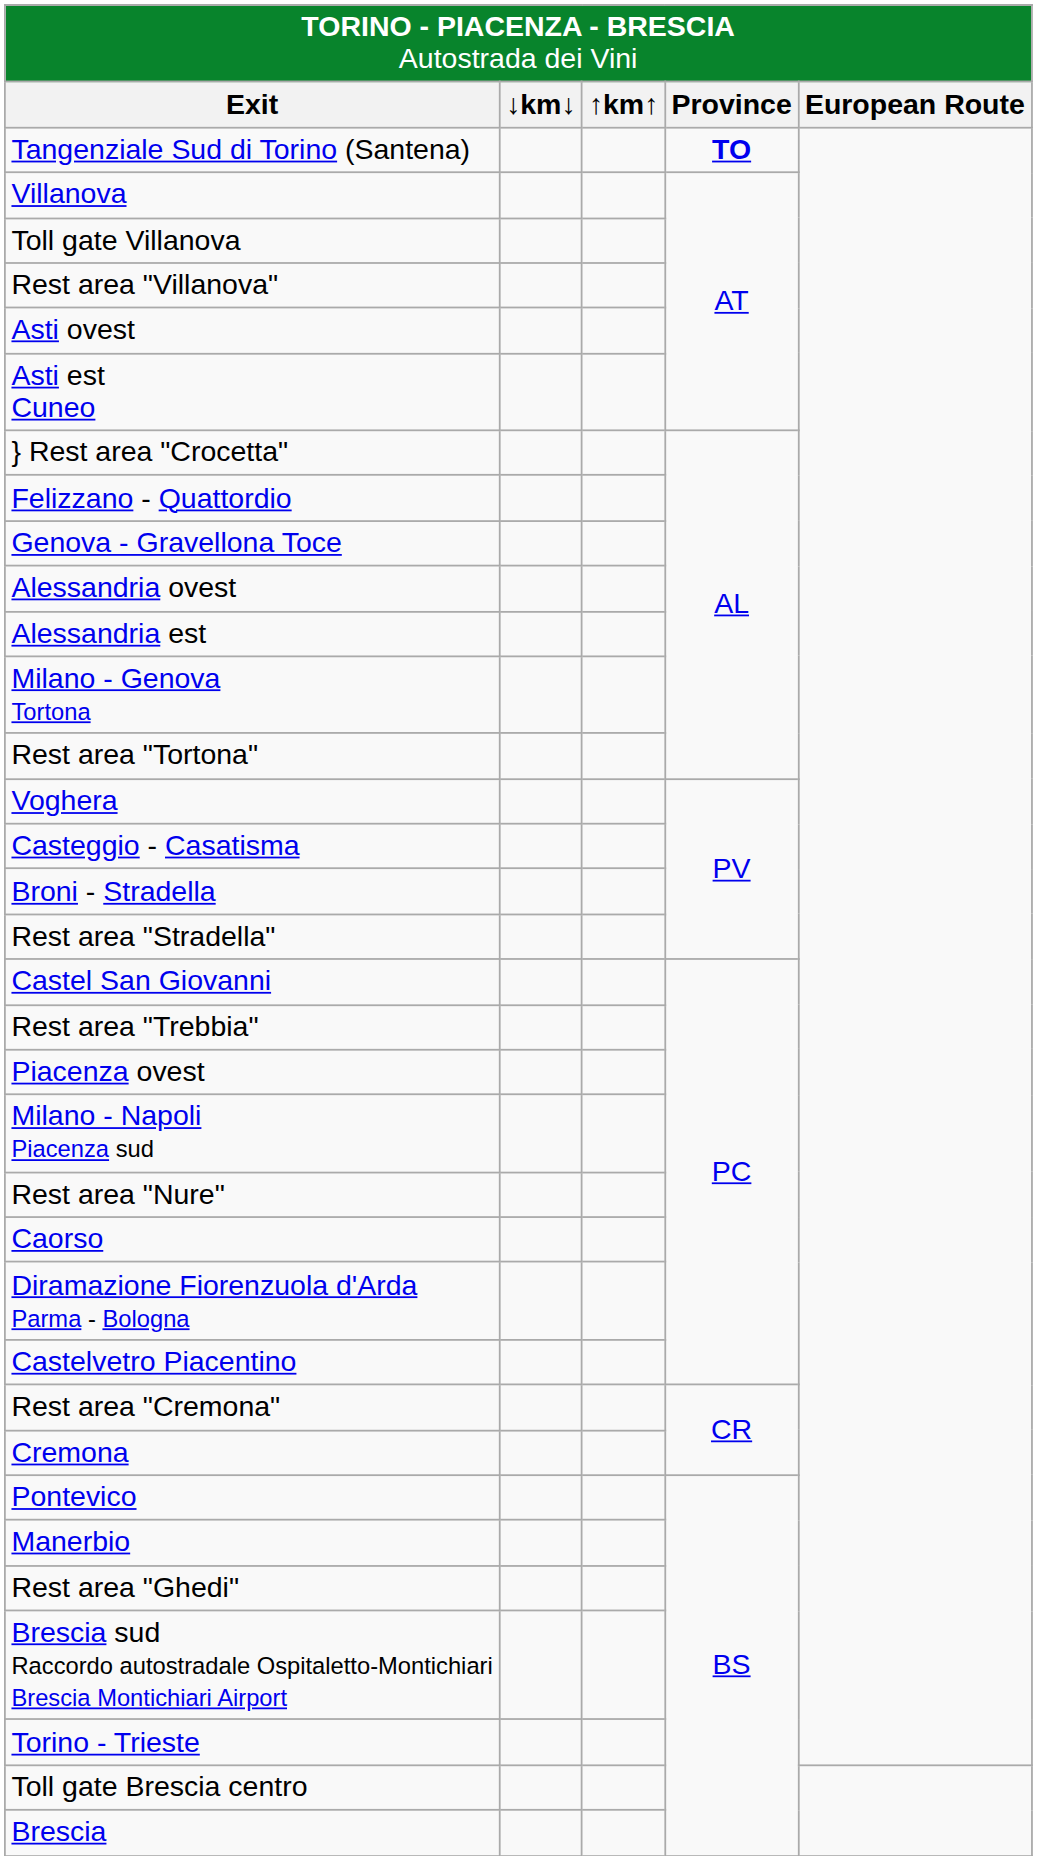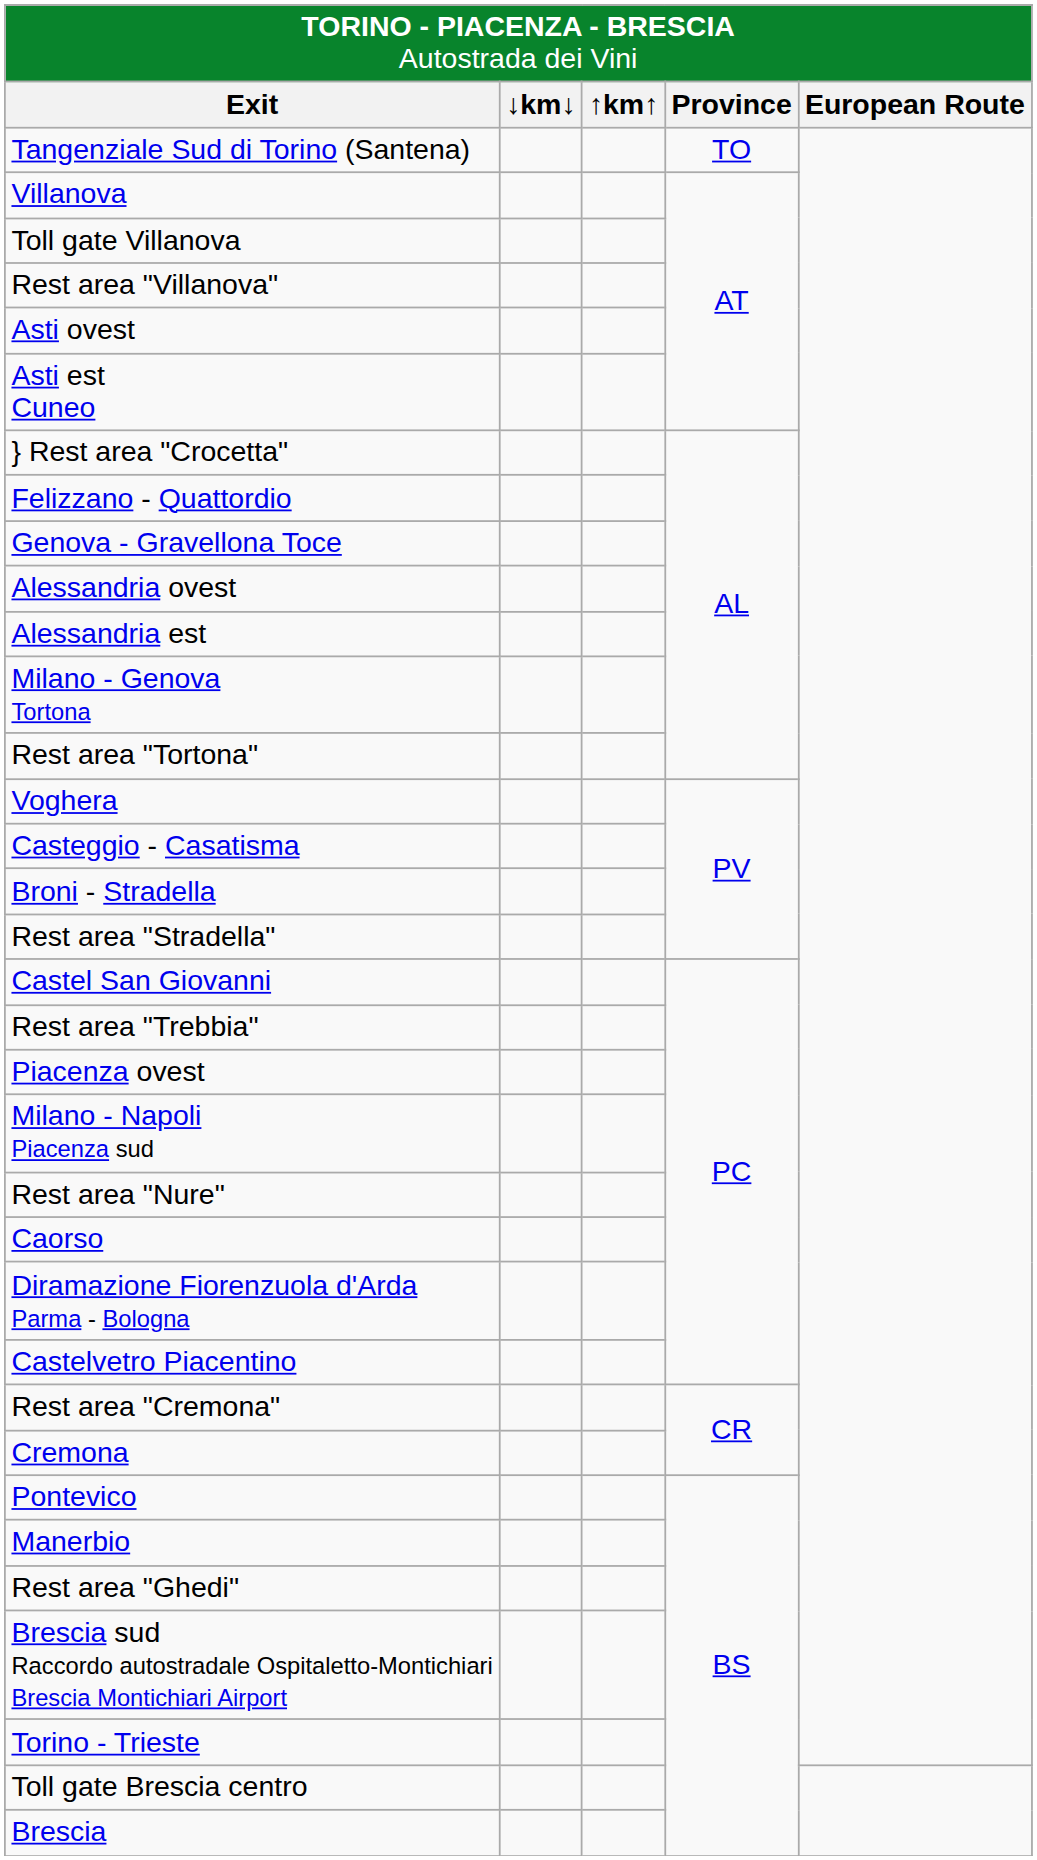 <table class="wikitable" border="1">
 <tr>
 </tr>
 <tr align="center" bgcolor="08842C" style="color: white;font-size:100%;">
 <td colspan="6"><strong> TORINO - PIACENZA - BRESCIA</strong><br>Autostrada dei Vini</td>
 </tr>
 <tr>
 <th style="text-align:center;"><strong>Exit</strong></th>
 <th style="text-align:center;"><strong>↓km↓</strong></th>
 <th style="text-align:center;"><strong>↑km↑</strong></th>
 <th align="center"><strong>Province</strong></th>
 <th align="center"><strong>European Route</strong></th>
 </tr>
 <tr>
 <td>   <a href='#'>Tangenziale Sud di Torino</a> (Santena)</td>
 <td align="right"></td>
 <td align="right"></td>
-<td align="center"><strong><a href='#'>TO</a></strong></td>
+<td align="center"><a href='#'>TO</a></td>
 <td align="center" rowspan="32"></td>
 </tr>
 <tr>
 <td> <a href='#'>Villanova</a></td>
 <td align="right"></td>
 <td align="right"></td>
 <td rowspan=5 align="center"><a href='#'>AT</a></td>
 </tr>
 <tr>
 <td> Toll gate Villanova</td>
 <td align="right"></td>
 <td align="right"></td>
 </tr>
 <tr>
 <td> Rest area "Villanova"</td>
 <td align="right"></td>
 <td align="right"></td>
 </tr>
 <tr>
 <td> <a href='#'>Asti</a> ovest</td>
 <td align="right"></td>
 <td align="right"></td>
 </tr>
 <tr>
 <td> <a href='#'>Asti</a> est<br> <a href='#'>Cuneo</a></td>
 <td align="right"></td>
 <td align="right"></td>
 </tr>
 <tr>
 <td>} Rest area "Crocetta"</td>
 <td align="right"></td>
 <td align="right"></td>
 <td rowspan=7 align="center"><a href='#'>AL</a></td>
 </tr>
 <tr>
 <td> <a href='#'>Felizzano</a> - <a href='#'>Quattordio</a></td>
 <td align="right"></td>
 <td align="right"></td>
 </tr>
 <tr>
 <td>   <a href='#'>Genova - Gravellona Toce</a></td>
 <td align="right"></td>
 <td align="right"></td>
 </tr>
 <tr>
 <td> <a href='#'>Alessandria</a> ovest</td>
 <td align="right"></td>
 <td align="right"></td>
 </tr>
 <tr>
 <td> <a href='#'>Alessandria</a> est</td>
 <td align="right"></td>
 <td align="right"></td>
 </tr>
 <tr>
 <td>   <a href='#'>Milano - Genova</a><br><small> <a href='#'>Tortona</a></small></td>
 <td align="right"></td>
 <td align="right"></td>
 </tr>
 <tr>
 <td> Rest area "Tortona"</td>
 <td align="right"></td>
 <td align="right"></td>
 </tr>
 <tr>
 <td> <a href='#'>Voghera</a></td>
 <td align="right"></td>
 <td align="right"></td>
 <td rowspan=4 align="center"><a href='#'>PV</a></td>
 </tr>
 <tr>
 <td> <a href='#'>Casteggio</a> - <a href='#'>Casatisma</a></td>
 <td align="right"></td>
 <td align="right"></td>
 </tr>
 <tr>
 <td> <a href='#'>Broni</a> - <a href='#'>Stradella</a></td>
 <td align="right"></td>
 <td align="right"></td>
 </tr>
 <tr>
 <td> Rest area "Stradella"</td>
 <td align="right"></td>
 <td align="right"></td>
 </tr>
 <tr>
 <td> <a href='#'>Castel San Giovanni</a></td>
 <td align="right"></td>
 <td align="right"></td>
 <td align="center" rowspan="8"><a href='#'>PC</a></td>
 </tr>
 <tr>
 <td> Rest area "Trebbia"</td>
 <td align="right"></td>
 <td align="right"></td>
 </tr>
 <tr>
 <td> <a href='#'>Piacenza</a> ovest</td>
 <td align="right"></td>
 <td align="right"></td>
 </tr>
 <tr>
 <td>   <a href='#'>Milano - Napoli</a><br><small> <a href='#'>Piacenza</a> sud</small></td>
 <td align="right"></td>
 <td align="right"></td>
 </tr>
 <tr>
 <td> Rest area "Nure"</td>
 <td align="right"></td>
 <td align="right"></td>
 </tr>
 <tr>
 <td> <a href='#'>Caorso</a></td>
 <td align="right"></td>
 <td align="right"></td>
 </tr>
 <tr>
 <td>  <a href='#'>Diramazione Fiorenzuola d'Arda</a><br> <small> <a href='#'>Parma</a> - <a href='#'>Bologna</a></small></td>
 <td align="right"></td>
 <td align="right"></td>
 </tr>
 <tr>
 <td> <a href='#'>Castelvetro Piacentino</a></td>
 <td align="right"></td>
 <td align="right"></td>
 </tr>
 <tr>
 <td> Rest area "Cremona"</td>
 <td align="right"></td>
 <td align="right"></td>
 <td rowspan=2 align="center"><a href='#'>CR</a></td>
 </tr>
 <tr>
 <td> <a href='#'>Cremona</a></td>
 <td align="right"></td>
 <td align="right"></td>
 </tr>
 <tr>
 <td> <a href='#'>Pontevico</a></td>
 <td align="right"></td>
 <td align="right"></td>
 <td rowspan=7 align="center"><a href='#'>BS</a></td>
 </tr>
 <tr>
 <td> <a href='#'>Manerbio</a></td>
 <td align="right"></td>
 <td align="right"></td>
 </tr>
 <tr>
 <td> Rest area "Ghedi"</td>
 <td align="right"></td>
 <td align="right"></td>
 </tr>
 <tr>
 <td> <a href='#'>Brescia</a> sud<br><small>  Raccordo autostradale Ospitaletto-Montichiari<br> <a href='#'>Brescia Montichiari Airport</a></small></td>
 <td align="right"></td>
 <td align="right"></td>
 </tr>
 <tr>
 <td>   <a href='#'>Torino - Trieste</a></td>
 <td align="right"></td>
 <td align="right"></td>
 </tr>
 <tr>
 <td> Toll gate Brescia centro</td>
 <td align="right"></td>
 <td align="right"></td>
 <td rowspan=2></td>
 </tr>
 <tr>
 <td> <a href='#'>Brescia</a> </td>
 <td align="right"></td>
 <td align="right"></td>
 </tr>
 </table>
